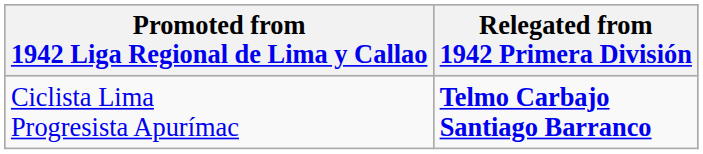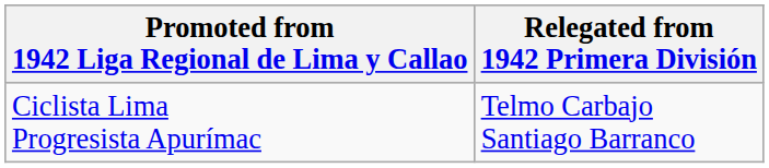 <table class="wikitable">
 <tr>
 <th>Promoted from<br><a href='#'>1942 Liga Regional de Lima y Callao</a></th>
 <th>Relegated from<br><a href='#'>1942 Primera División</a></th>
 </tr>
 <tr>
 <td> <a href='#'>Ciclista Lima</a> <br> <a href='#'>Progresista Apurímac</a> </td>
-<td><strong> <a href='#'>Telmo Carbajo</a> <br> <a href='#'>Santiago Barranco</a> </strong></td>
+<td> <a href='#'>Telmo Carbajo</a> <br> <a href='#'>Santiago Barranco</a> </td>
 </tr>
 </table>
